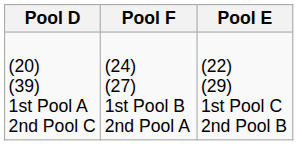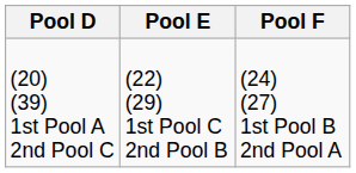 <table class="wikitable">
 <tr>
 <th width=33%>Pool D</th>
+<th width=33%>Pool E</th>
 <th width=33%>Pool F</th>
-<th width=33%>Pool E</th>
 </tr>
 <tr>
 <td><br> (20)<br>  (39)<br> 1st Pool A<br> 2nd Pool C</td>
+<td><br> (22)<br>  (29)<br> 1st Pool C<br> 2nd Pool B</td>
 <td><br> (24)<br>  (27)<br> 1st Pool B<br> 2nd Pool A</td>
-<td><br> (22)<br>  (29)<br> 1st Pool C<br> 2nd Pool B</td>
 </tr>
 </table>
